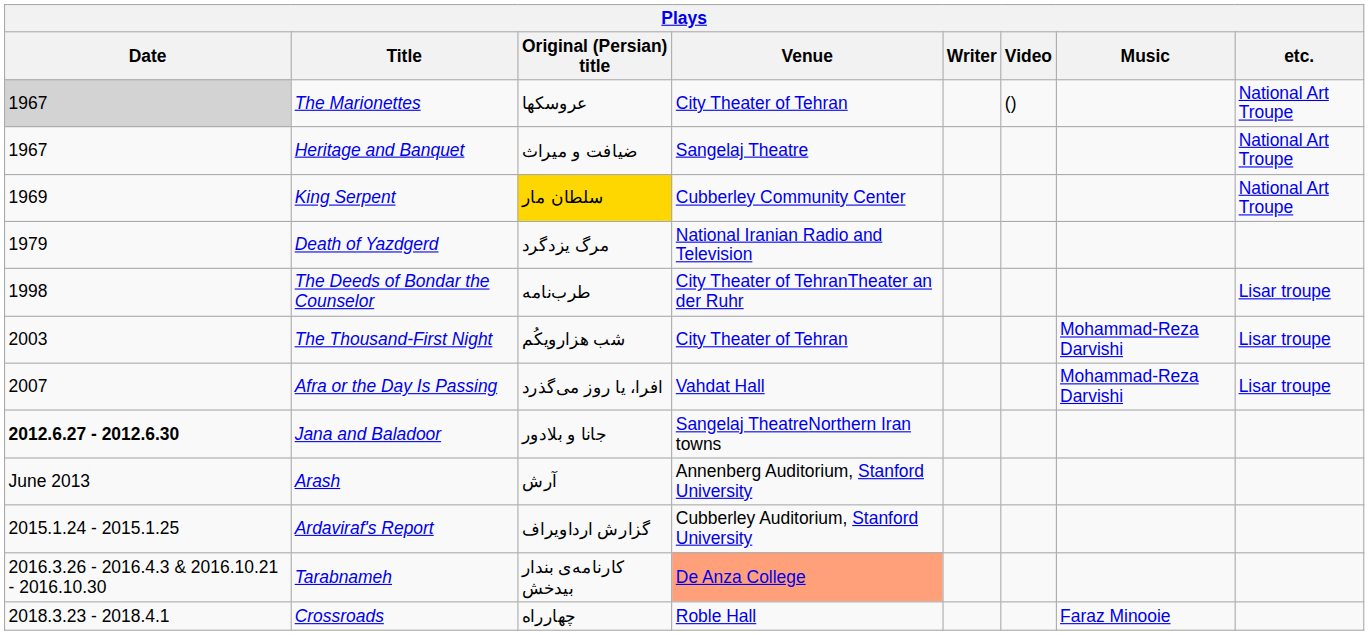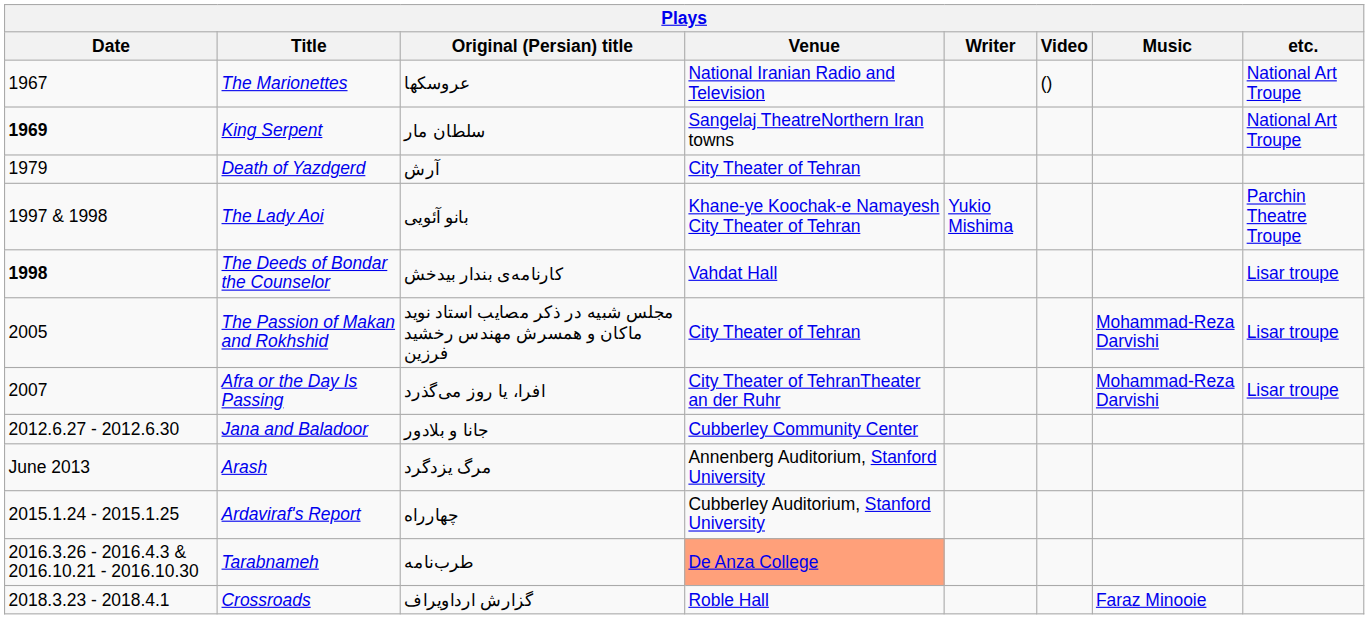 <table class="wikitable center">
 <tr>
 <th colspan="8"><a href='#'>Plays</a></th>
 </tr>
 <tr>
 <th>Date</th>
 <th>Title</th>
 <th>Original (Persian) title</th>
 <th>Venue</th>
 <th>Writer</th>
 <th>Video</th>
 <th>Music</th>
 <th>etc.</th>
 </tr>
 <tr>
-<td style="background: lightgrey;">1967</td>
+<td>1967</td>
 <td><em><a href='#'>The Marionettes</a></em></td>
 <td>عروسکها</td>
-<td><a href='#'>City Theater of Tehran</a></td>
+<td><a href='#'>National Iranian Radio and Television</a></td>
 <td></td>
 <td> ()</td>
 <td></td>
 <td><a href='#'>National Art Troupe</a></td>
 </tr>
 <tr>
-<td>1967</td>
-<td><em><a href='#'>Heritage and Banquet</a></em></td>
-<td>ضیافت و میراث</td>
-<td><a href='#'>Sangelaj Theatre</a></td>
-<td></td>
-<td></td>
-<td></td>
-<td><a href='#'>National Art Troupe</a></td>
-</tr>
-<tr>
-<td>1969</td>
+<td><strong>1969</strong></td>
 <td><em><a href='#'>King Serpent</a></em></td>
-<td style="background: gold;">سلطان مار</td>
-<td><a href='#'>Cubberley Community Center</a></td>
+<td>سلطان مار</td>
+<td><a href='#'>Sangelaj Theatre</a><a href='#'>Northern Iran</a> towns</td>
 <td></td>
 <td></td>
 <td></td>
 <td><a href='#'>National Art Troupe</a></td>
 </tr>
 <tr>
 <td>1979</td>
 <td><em><a href='#'>Death of Yazdgerd</a></em></td>
-<td>مرگ یزدگرد</td>
-<td><a href='#'>National Iranian Radio and Television</a></td>
+<td>آرش</td>
+<td><a href='#'>City Theater of Tehran</a></td>
 <td></td>
 <td></td>
 <td></td>
 <td></td>
 </tr>
 <tr>
-<td>1998</td>
+<td>1997 & 1998</td>
+<td><em><a href='#'>The Lady Aoi</a></em></td>
+<td>بانو آئویی</td>
+<td><a href='#'>Khane-ye Koochak-e Namayesh</a> <a href='#'>City Theater of Tehran</a></td>
+<td><a href='#'>Yukio Mishima</a></td>
+<td></td>
+<td></td>
+<td><a href='#'>Parchin Theatre Troupe</a></td>
+</tr>
+<tr>
+<td><strong>1998</strong></td>
 <td><em><a href='#'>The Deeds of Bondar the Counselor</a></em></td>
-<td>طرب‌نامه</td>
-<td><a href='#'>City Theater of Tehran</a><a href='#'>Theater an der Ruhr</a></td>
+<td>کارنامه‌ی بندار بیدخش</td>
+<td><a href='#'>Vahdat Hall</a></td>
 <td></td>
 <td></td>
 <td></td>
 <td><a href='#'>Lisar troupe</a></td>
 </tr>
 <tr>
-<td>2003</td>
-<td><em><a href='#'>The Thousand-First Night</a></em></td>
-<td>شب هزارویکُم</td>
+<td>2005</td>
+<td><em><a href='#'>The Passion of Makan and Rokhshid</a></em></td>
+<td>مجلس شبیه در ذکر مصایب استاد نوید ماکان و همسرش مهندس رخشید فرزین</td>
 <td><a href='#'>City Theater of Tehran</a></td>
 <td></td>
 <td></td>
 <td><a href='#'>Mohammad-Reza Darvishi</a></td>
 <td><a href='#'>Lisar troupe</a></td>
 </tr>
 <tr>
 <td>2007</td>
 <td><em><a href='#'>Afra or the Day Is Passing</a></em></td>
 <td>افرا، یا روز می‌گذرد</td>
-<td><a href='#'>Vahdat Hall</a></td>
+<td><a href='#'>City Theater of Tehran</a><a href='#'>Theater an der Ruhr</a></td>
 <td></td>
 <td></td>
 <td><a href='#'>Mohammad-Reza Darvishi</a></td>
 <td><a href='#'>Lisar troupe</a></td>
 </tr>
 <tr>
-<td><strong>2012.6.27 - 2012.6.30</strong></td>
+<td>2012.6.27 - 2012.6.30</td>
 <td><em><a href='#'>Jana and Baladoor</a></em></td>
 <td>جانا و بلادور</td>
-<td><a href='#'>Sangelaj Theatre</a><a href='#'>Northern Iran</a> towns</td>
+<td><a href='#'>Cubberley Community Center</a></td>
 <td></td>
 <td></td>
 <td></td>
 <td></td>
 </tr>
 <tr>
 <td>June 2013</td>
 <td><em><a href='#'>Arash</a></em></td>
-<td>آرش</td>
+<td>مرگ یزدگرد</td>
 <td>Annenberg Auditorium, <a href='#'>Stanford University</a></td>
 <td></td>
 <td></td>
 <td></td>
 <td></td>
 </tr>
 <tr>
 <td>2015.1.24 - 2015.1.25</td>
 <td><em><a href='#'>Ardaviraf's Report</a></em></td>
-<td>گزارش ارداویراف</td>
+<td>چهارراه</td>
 <td>Cubberley Auditorium, <a href='#'>Stanford University</a></td>
 <td></td>
 <td></td>
 <td></td>
 <td></td>
 </tr>
 <tr>
 <td>2016.3.26 - 2016.4.3 & 2016.10.21 - 2016.10.30</td>
 <td><em><a href='#'>Tarabnameh</a></em></td>
-<td>کارنامه‌ی بندار بیدخش</td>
+<td>طرب‌نامه</td>
 <td style="background: lightsalmon;"><a href='#'>De Anza College</a></td>
 <td></td>
 <td></td>
 <td></td>
 <td></td>
 </tr>
 <tr>
 <td>2018.3.23 - 2018.4.1</td>
 <td><em><a href='#'>Crossroads</a></em></td>
-<td>چهارراه</td>
+<td>گزارش ارداویراف</td>
 <td><a href='#'>Roble Hall</a></td>
 <td></td>
 <td></td>
 <td><a href='#'>Faraz Minooie</a></td>
 <td></td>
 </tr>
 </table>
